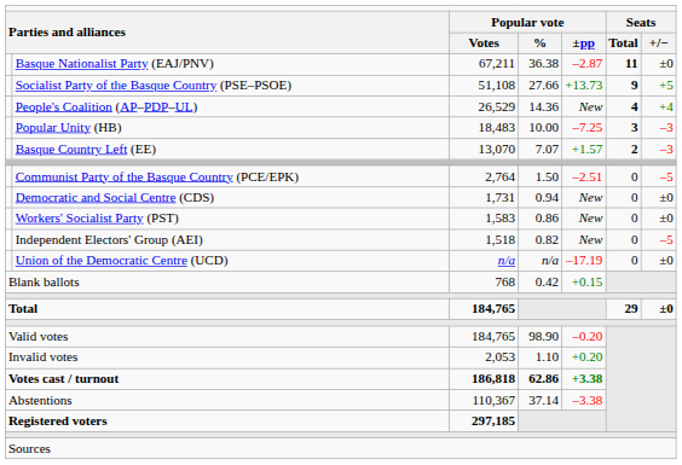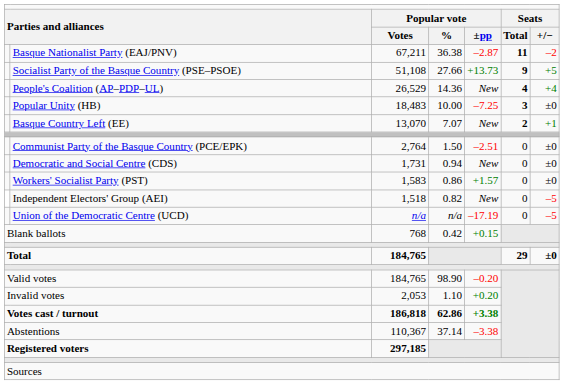 <table class="wikitable" style="text-align:right;">
 <tr>
 <td colspan="7"></td>
 </tr>
 <tr>
 <th style="text-align:left;" rowspan="2" colspan="2" width="525">Parties and alliances</th>
 <th colspan="3">Popular vote</th>
 <th colspan="2">Seats</th>
 </tr>
 <tr>
 <th width="75">Votes</th>
 <th width="45">%</th>
 <th width="45">±<a href='#'>pp</a></th>
 <th width="35">Total</th>
 <th width="35">+/−</th>
 </tr>
 <tr>
 <td width="1" style="color:inherit;background:"></td>
 <td align="left"><a href='#'>Basque Nationalist Party</a> (EAJ/PNV)</td>
 <td>67,211</td>
 <td>36.38</td>
 <td style="color:red;">–2.87</td>
 <td><strong>11</strong></td>
-<td>±0</td>
+<td style="color:red;">–2</td>
 </tr>
 <tr>
 <td style="color:inherit;background:"></td>
 <td align="left"><a href='#'>Socialist Party of the Basque Country</a> (PSE–PSOE)</td>
 <td>51,108</td>
 <td>27.66</td>
 <td style="color:green;">+13.73</td>
 <td><strong>9</strong></td>
 <td style="color:green;">+5</td>
 </tr>
 <tr>
 <td style="color:inherit;background:"></td>
 <td align="left"><a href='#'>People's Coalition</a> (<a href='#'>AP</a>–<a href='#'>PDP</a>–<a href='#'>UL</a>)</td>
 <td>26,529</td>
 <td>14.36</td>
 <td><em>New</em></td>
 <td><strong>4</strong></td>
 <td style="color:green;">+4</td>
 </tr>
 <tr>
 <td style="color:inherit;background:"></td>
 <td align="left"><a href='#'>Popular Unity</a> (HB)</td>
 <td>18,483</td>
 <td>10.00</td>
 <td style="color:red;">–7.25</td>
 <td><strong>3</strong></td>
-<td style="color:red;">–3</td>
+<td>±0</td>
 </tr>
 <tr>
 <td style="color:inherit;background:"></td>
 <td align="left"><a href='#'>Basque Country Left</a> (EE)</td>
 <td>13,070</td>
 <td>7.07</td>
-<td style="color:green;">+1.57</td>
+<td><em>New</em></td>
 <td><strong>2</strong></td>
-<td style="color:red;">–3</td>
+<td style="color:green;">+1</td>
 </tr>
 <tr>
 <td colspan="7" bgcolor="#C0C0C0"></td>
 </tr>
 <tr>
 <td style="color:inherit;background:"></td>
 <td align="left"><a href='#'>Communist Party of the Basque Country</a> (PCE/EPK)</td>
 <td>2,764</td>
 <td>1.50</td>
 <td style="color:red;">–2.51</td>
 <td>0</td>
-<td style="color:red;">–5</td>
+<td>±0</td>
 </tr>
 <tr>
 <td style="color:inherit;background:"></td>
 <td align="left"><a href='#'>Democratic and Social Centre</a> (CDS)</td>
 <td>1,731</td>
 <td>0.94</td>
 <td><em>New</em></td>
 <td>0</td>
 <td>±0</td>
 </tr>
 <tr>
 <td style="color:inherit;background:"></td>
 <td align="left"><a href='#'>Workers' Socialist Party</a> (PST)</td>
 <td>1,583</td>
 <td>0.86</td>
-<td><em>New</em></td>
+<td style="color:green;">+1.57</td>
 <td>0</td>
 <td>±0</td>
 </tr>
 <tr>
 <td bgcolor="white"></td>
 <td align="left">Independent Electors' Group (AEI)</td>
 <td>1,518</td>
 <td>0.82</td>
 <td><em>New</em></td>
 <td>0</td>
 <td style="color:red;">–5</td>
 </tr>
 <tr>
 <td style="color:inherit;background:"></td>
 <td align="left"><a href='#'>Union of the Democratic Centre</a> (UCD)</td>
 <td><em><a href='#'>n/a</a></em></td>
 <td><em>n/a</em></td>
 <td style="color:red;">–17.19</td>
 <td>0</td>
-<td>±0</td>
+<td style="color:red;">–5</td>
 </tr>
 <tr>
 <td align="left" colspan="2">Blank ballots</td>
 <td>768</td>
 <td>0.42</td>
 <td style="color:green;">+0.15</td>
 <td bgcolor="#E9E9E9" colspan="2"></td>
 </tr>
 <tr>
 <td colspan="7" bgcolor="#E9E9E9"></td>
 </tr>
 <tr style="font-weight:bold;">
 <td align="left" colspan="2">Total</td>
 <td>184,765</td>
 <td bgcolor="#E9E9E9" colspan="2"></td>
 <td>29</td>
 <td>±0</td>
 </tr>
 <tr>
 <td colspan="7" bgcolor="#E9E9E9"></td>
 </tr>
 <tr>
 <td align="left" colspan="2">Valid votes</td>
 <td>184,765</td>
 <td>98.90</td>
 <td style="color:red;">–0.20</td>
 <td bgcolor="#E9E9E9" colspan="2" rowspan="5"></td>
 </tr>
 <tr>
 <td align="left" colspan="2">Invalid votes</td>
 <td>2,053</td>
 <td>1.10</td>
 <td style="color:green;">+0.20</td>
 </tr>
 <tr style="font-weight:bold;">
 <td align="left" colspan="2">Votes cast / turnout</td>
 <td>186,818</td>
 <td>62.86</td>
 <td style="color:green;">+3.38</td>
 </tr>
 <tr>
 <td align="left" colspan="2">Abstentions</td>
 <td>110,367</td>
 <td>37.14</td>
 <td style="color:red;">–3.38</td>
 </tr>
 <tr style="font-weight:bold;">
 <td align="left" colspan="2">Registered voters</td>
 <td>297,185</td>
 <td bgcolor="#E9E9E9" colspan="2"></td>
 </tr>
 <tr>
 <td colspan="7" bgcolor="#E9E9E9"></td>
 </tr>
 <tr>
 <td align="left" colspan="7">Sources</td>
 </tr>
 </table>
